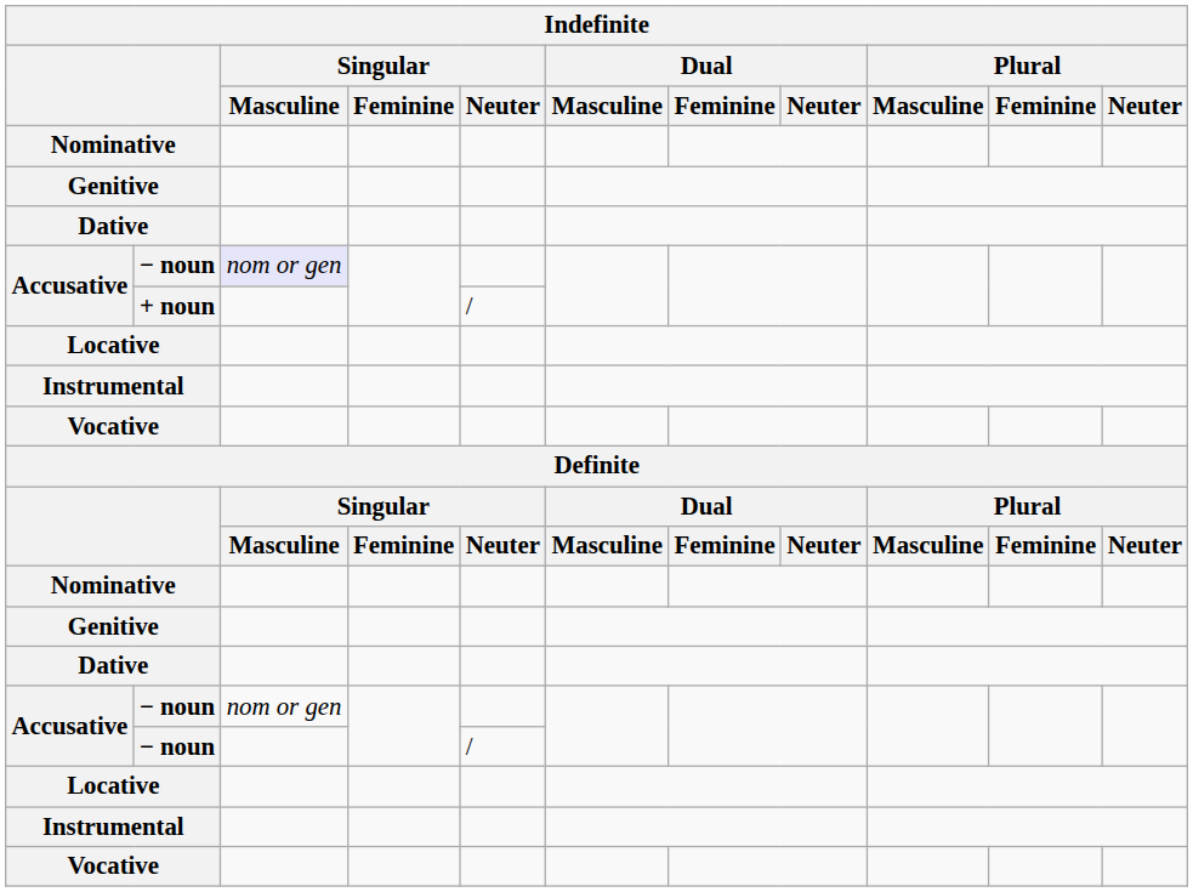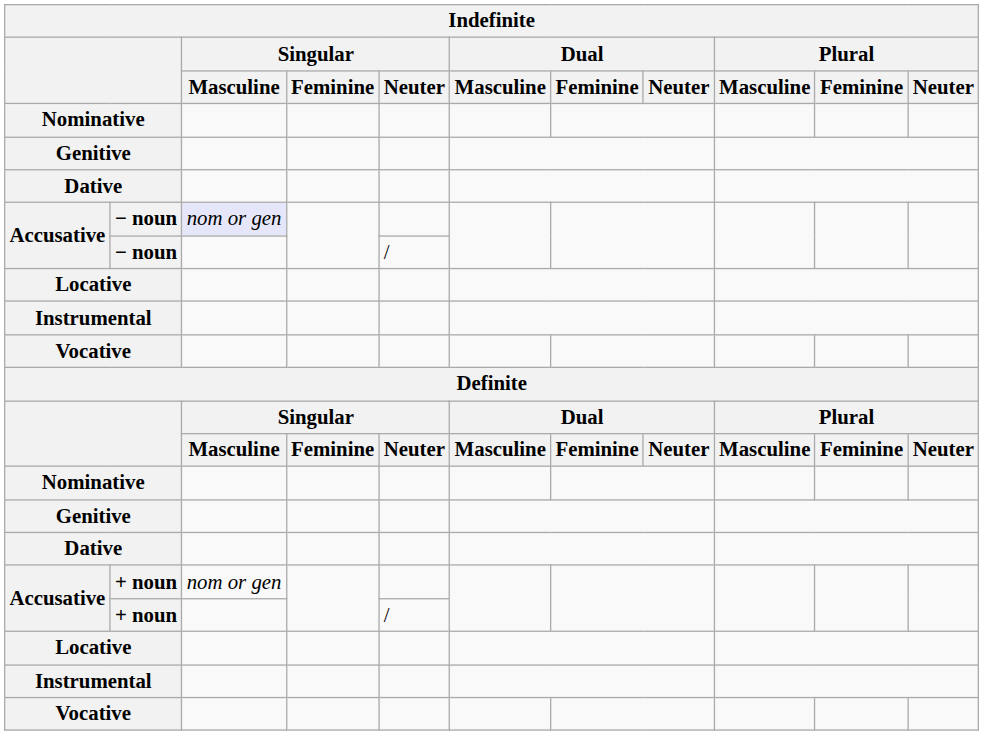 <table class="wikitable">
 <tr>
 <th colspan="11">Indefinite</th>
 </tr>
 <tr>
 <th colspan="2" rowspan="2"></th>
 <th colspan="3">Singular</th>
 <th colspan="3">Dual</th>
 <th colspan="3">Plural</th>
 </tr>
 <tr>
 <th>Masculine</th>
 <th>Feminine</th>
 <th>Neuter</th>
 <th>Masculine</th>
 <th>Feminine</th>
 <th>Neuter</th>
 <th>Masculine</th>
 <th>Feminine</th>
 <th>Neuter</th>
 </tr>
 <tr>
 <th colspan="2">Nominative</th>
 <td></td>
 <td></td>
 <td></td>
 <td></td>
 <td colspan="2"></td>
 <td></td>
 <td></td>
 <td></td>
 </tr>
 <tr>
 <th colspan="2">Genitive</th>
 <td></td>
 <td></td>
 <td></td>
 <td colspan="3"></td>
 <td colspan="3"></td>
 </tr>
 <tr>
 <th colspan="2">Dative</th>
 <td></td>
 <td></td>
 <td></td>
 <td colspan="3"></td>
 <td colspan="3"></td>
 </tr>
 <tr>
 <th rowspan="2">Accusative</th>
 <th>− noun</th>
 <td style="background: lavender;"><em>nom or gen</em></td>
 <td rowspan="2"></td>
 <td></td>
 <td rowspan="2"></td>
 <td colspan="2" rowspan="2"></td>
 <td rowspan="2"></td>
 <td rowspan="2"></td>
 <td rowspan="2"></td>
 </tr>
 <tr>
-<th>+ noun</th>
+<th>− noun</th>
 <td></td>
 <td> /<br></td>
 </tr>
 <tr>
 <th colspan="2">Locative</th>
 <td></td>
 <td></td>
 <td></td>
 <td colspan="3"></td>
 <td colspan="3"></td>
 </tr>
 <tr>
 <th colspan="2">Instrumental</th>
 <td></td>
 <td></td>
 <td></td>
 <td colspan="3"></td>
 <td colspan="3"></td>
 </tr>
 <tr>
 <th colspan="2">Vocative</th>
 <td></td>
 <td></td>
 <td></td>
 <td></td>
 <td colspan="2"></td>
 <td></td>
 <td></td>
 <td></td>
 </tr>
 <tr>
 <th colspan="11">Definite</th>
 </tr>
 <tr>
 <th colspan="2" rowspan="2"></th>
 <th colspan="3">Singular</th>
 <th colspan="3">Dual</th>
 <th colspan="3">Plural</th>
 </tr>
 <tr>
 <th>Masculine</th>
 <th>Feminine</th>
 <th>Neuter</th>
 <th>Masculine</th>
 <th>Feminine</th>
 <th>Neuter</th>
 <th>Masculine</th>
 <th>Feminine</th>
 <th>Neuter</th>
 </tr>
 <tr>
 <th colspan="2">Nominative</th>
 <td></td>
 <td></td>
 <td></td>
 <td></td>
 <td colspan="2"></td>
 <td></td>
 <td></td>
 <td></td>
 </tr>
 <tr>
 <th colspan="2">Genitive</th>
 <td></td>
 <td></td>
 <td></td>
 <td colspan="3"></td>
 <td colspan="3"></td>
 </tr>
 <tr>
 <th colspan="2">Dative</th>
 <td></td>
 <td></td>
 <td></td>
 <td colspan="3"></td>
 <td colspan="3"></td>
 </tr>
 <tr>
 <th rowspan="2">Accusative</th>
-<th>− noun</th>
+<th>+ noun</th>
 <td><em>nom or gen</em></td>
 <td rowspan="2"></td>
 <td></td>
 <td rowspan="2"></td>
 <td colspan="2" rowspan="2"></td>
 <td rowspan="2"></td>
 <td rowspan="2"></td>
 <td rowspan="2"></td>
 </tr>
 <tr>
-<th>− noun</th>
+<th>+ noun</th>
 <td></td>
 <td> /<br></td>
 </tr>
 <tr>
 <th colspan="2">Locative</th>
 <td></td>
 <td></td>
 <td></td>
 <td colspan="3"></td>
 <td colspan="3"></td>
 </tr>
 <tr>
 <th colspan="2">Instrumental</th>
 <td></td>
 <td></td>
 <td></td>
 <td colspan="3"></td>
 <td colspan="3"></td>
 </tr>
 <tr>
 <th colspan="2">Vocative</th>
 <td></td>
 <td></td>
 <td></td>
 <td></td>
 <td colspan="2"></td>
 <td></td>
 <td></td>
 <td></td>
 </tr>
 </table>
